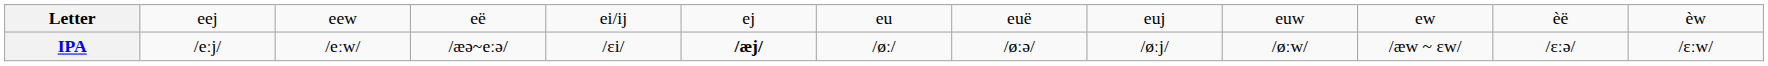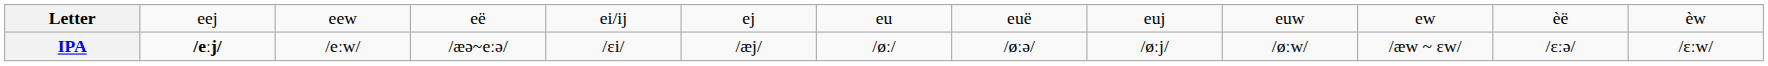 <table class="wikitable" style="table-layout: fixed; width: 100em; text-align: center;">
 <tr>
 <th><strong>Letter</strong></th>
 <td>eej</td>
 <td>eew</td>
 <td>eë</td>
 <td>ei/ij</td>
 <td>ej</td>
 <td>eu</td>
 <td>euë</td>
 <td>euj</td>
 <td>euw</td>
 <td>ew</td>
 <td>èë</td>
 <td>èw</td>
 </tr>
 <tr>
 <th><strong><a href='#'>IPA</a></strong></th>
-<td>/eːj/</td>
+<td><strong>/eːj/</strong></td>
 <td>/eːw/</td>
 <td>/æə~eːə/</td>
 <td>/ɛi/</td>
-<td><strong>/æj/</strong></td>
+<td>/æj/</td>
 <td>/øː/</td>
 <td>/øːə/</td>
 <td>/øːj/</td>
 <td>/øːw/</td>
 <td>/æw ~ ɛw/</td>
 <td>/ɛːə/</td>
 <td>/ɛːw/</td>
 </tr>
 </table>
